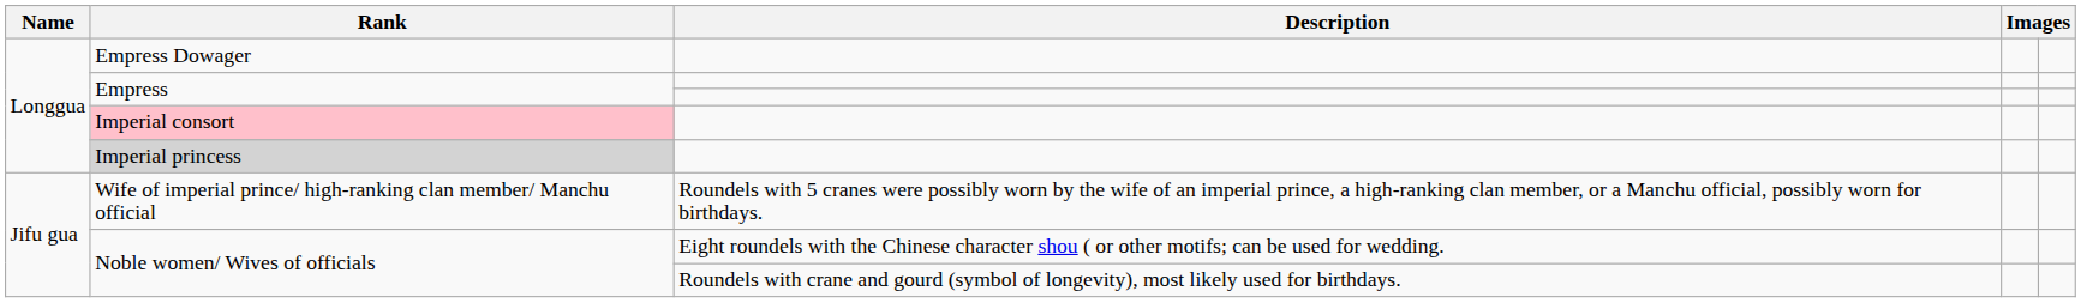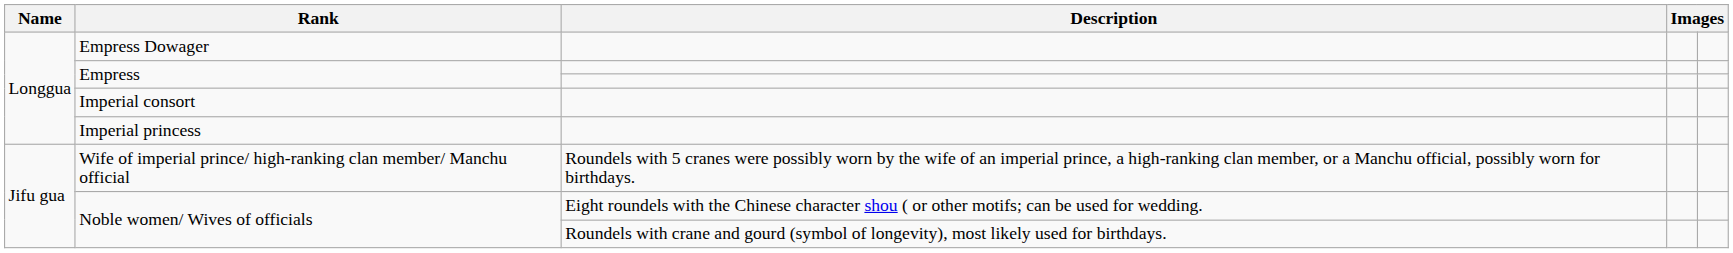 <table class="wikitable">
 <tr>
 <th>Name</th>
 <th>Rank</th>
 <th>Description</th>
 <th colspan="2">Images</th>
 </tr>
 <tr>
 <td rowspan="5">Longgua</td>
 <td>Empress Dowager</td>
 <td></td>
 <td></td>
 <td></td>
 </tr>
 <tr>
 <td rowspan="2">Empress</td>
 <td></td>
 <td></td>
 <td></td>
 </tr>
 <tr>
 <td></td>
 <td></td>
 <td></td>
 </tr>
 <tr>
-<td style="background: pink;">Imperial consort</td>
+<td>Imperial consort</td>
 <td></td>
 <td></td>
 <td></td>
 </tr>
 <tr>
-<td style="background: lightgrey;">Imperial princess</td>
+<td>Imperial princess</td>
 <td></td>
 <td></td>
 <td></td>
 </tr>
 <tr>
 <td rowspan="3">Jifu gua</td>
 <td>Wife of imperial prince/ high-ranking clan member/ Manchu official</td>
 <td>Roundels with 5 cranes were possibly worn by the wife of an imperial prince, a high-ranking clan member, or a Manchu official, possibly worn for birthdays.</td>
 <td></td>
 <td></td>
 </tr>
 <tr>
 <td rowspan="2">Noble women/ Wives of officials</td>
 <td>Eight roundels with the Chinese character <a href='#'>shou</a> ( or other motifs; can be used for wedding.</td>
 <td></td>
 <td></td>
 </tr>
 <tr>
 <td>Roundels with crane and gourd (symbol of longevity), most likely used for birthdays.</td>
 <td></td>
 <td></td>
 </tr>
 </table>
